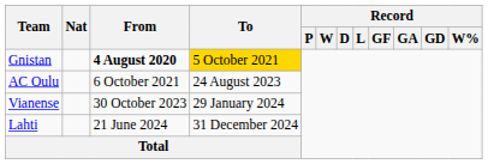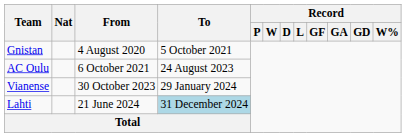 <table class="wikitable" style="text-align:center">
 <tr>
 <th rowspan="2">Team</th>
 <th rowspan="2">Nat</th>
 <th rowspan="2">From</th>
 <th rowspan="2">To</th>
 <th colspan="8">Record</th>
 </tr>
 <tr>
 <th>P</th>
 <th>W</th>
 <th>D</th>
 <th>L</th>
 <th>GF</th>
 <th>GA</th>
 <th>GD</th>
 <th>W%</th>
 </tr>
 <tr>
 <td align=left><a href='#'>Gnistan</a></td>
 <td></td>
-<td align=left><strong>4 August 2020</strong></td>
-<td align=left style="background: gold;">5 October 2021<br></td>
+<td align=left>4 August 2020</td>
+<td align=left>5 October 2021<br></td>
 </tr>
 <tr>
 <td align=left><a href='#'>AC Oulu</a></td>
 <td></td>
 <td align=left>6 October 2021</td>
 <td align=left>24 August 2023<br></td>
 </tr>
 <tr>
 <td align=left><a href='#'>Vianense</a></td>
 <td></td>
 <td align=left>30 October 2023</td>
 <td align=left>29 January 2024<br></td>
 </tr>
 <tr>
 <td align=left><a href='#'>Lahti</a></td>
 <td></td>
 <td align=left>21 June 2024</td>
-<td align=left>31 December 2024<br></td>
+<td align=left style="background: lightblue;">31 December 2024<br></td>
 </tr>
 <tr>
 <th colspan="4">Total<br></th>
 </tr>
 </table>
